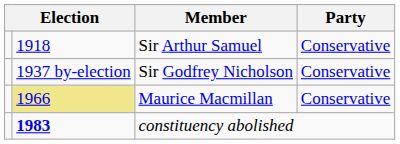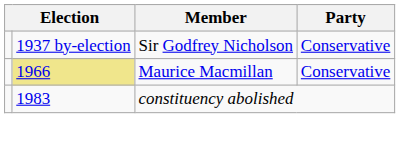 <table class="wikitable">
 <tr>
 <th colspan="2">Election</th>
 <th>Member</th>
 <th>Party</th>
-</tr>
-<tr>
-<td style="color:inherit;background-color: "></td>
-<td><a href='#'>1918</a></td>
-<td>Sir <a href='#'>Arthur Samuel</a></td>
-<td><a href='#'>Conservative</a></td>
 </tr>
 <tr>
 <td style="color:inherit;background-color: "></td>
 <td><a href='#'>1937 by-election</a></td>
 <td>Sir <a href='#'>Godfrey Nicholson</a></td>
 <td><a href='#'>Conservative</a></td>
 </tr>
 <tr>
 <td style="color:inherit;background-color: "></td>
 <td style="background: khaki;"><a href='#'>1966</a></td>
 <td><a href='#'>Maurice Macmillan</a></td>
 <td><a href='#'>Conservative</a></td>
 </tr>
 <tr>
 <td></td>
-<td><strong><a href='#'>1983</a></strong></td>
+<td><a href='#'>1983</a></td>
 <td colspan="2"><em>constituency abolished</em></td>
 </tr>
 </table>
